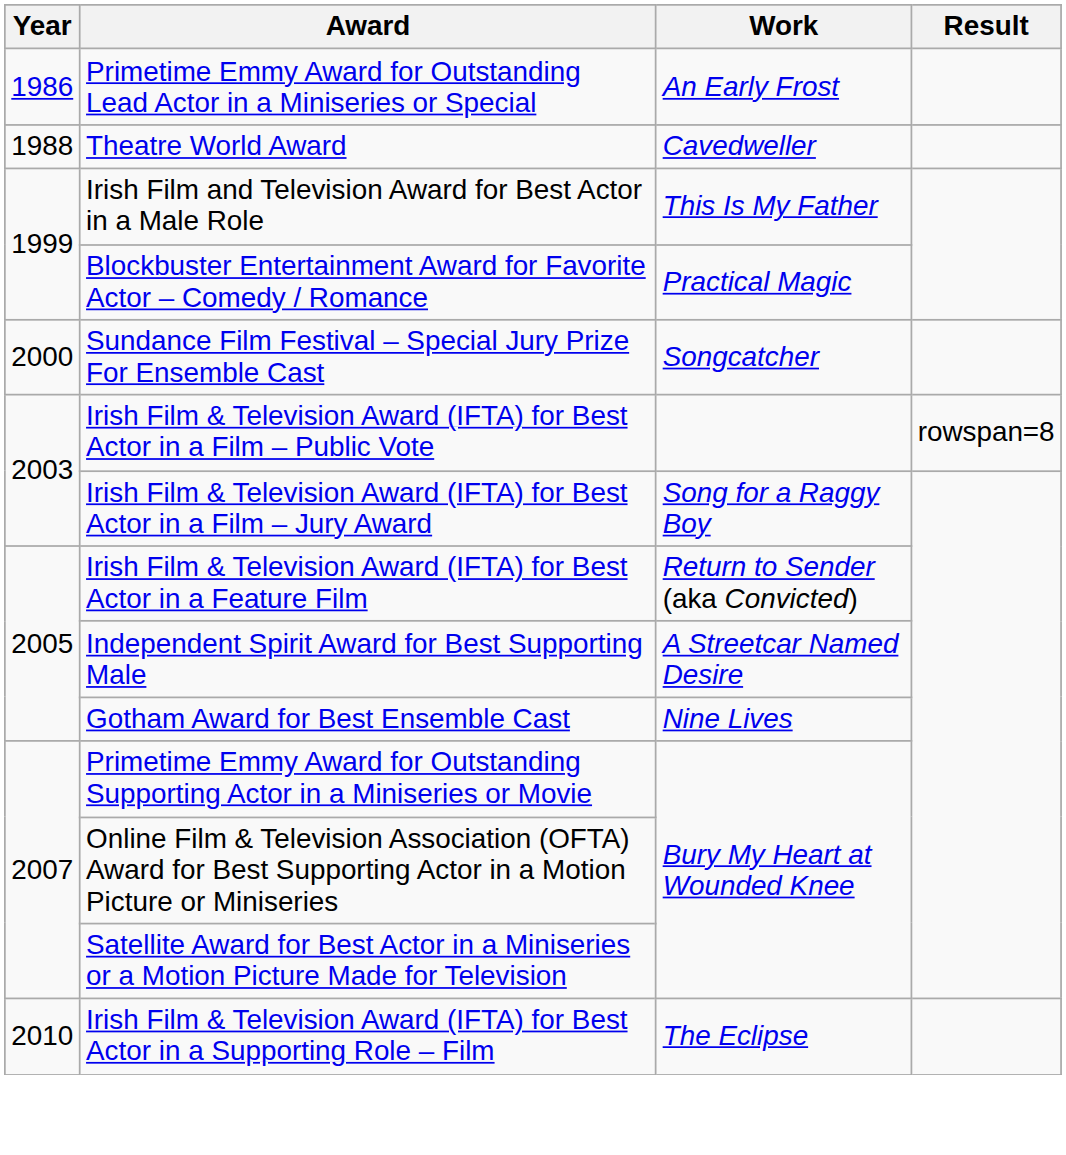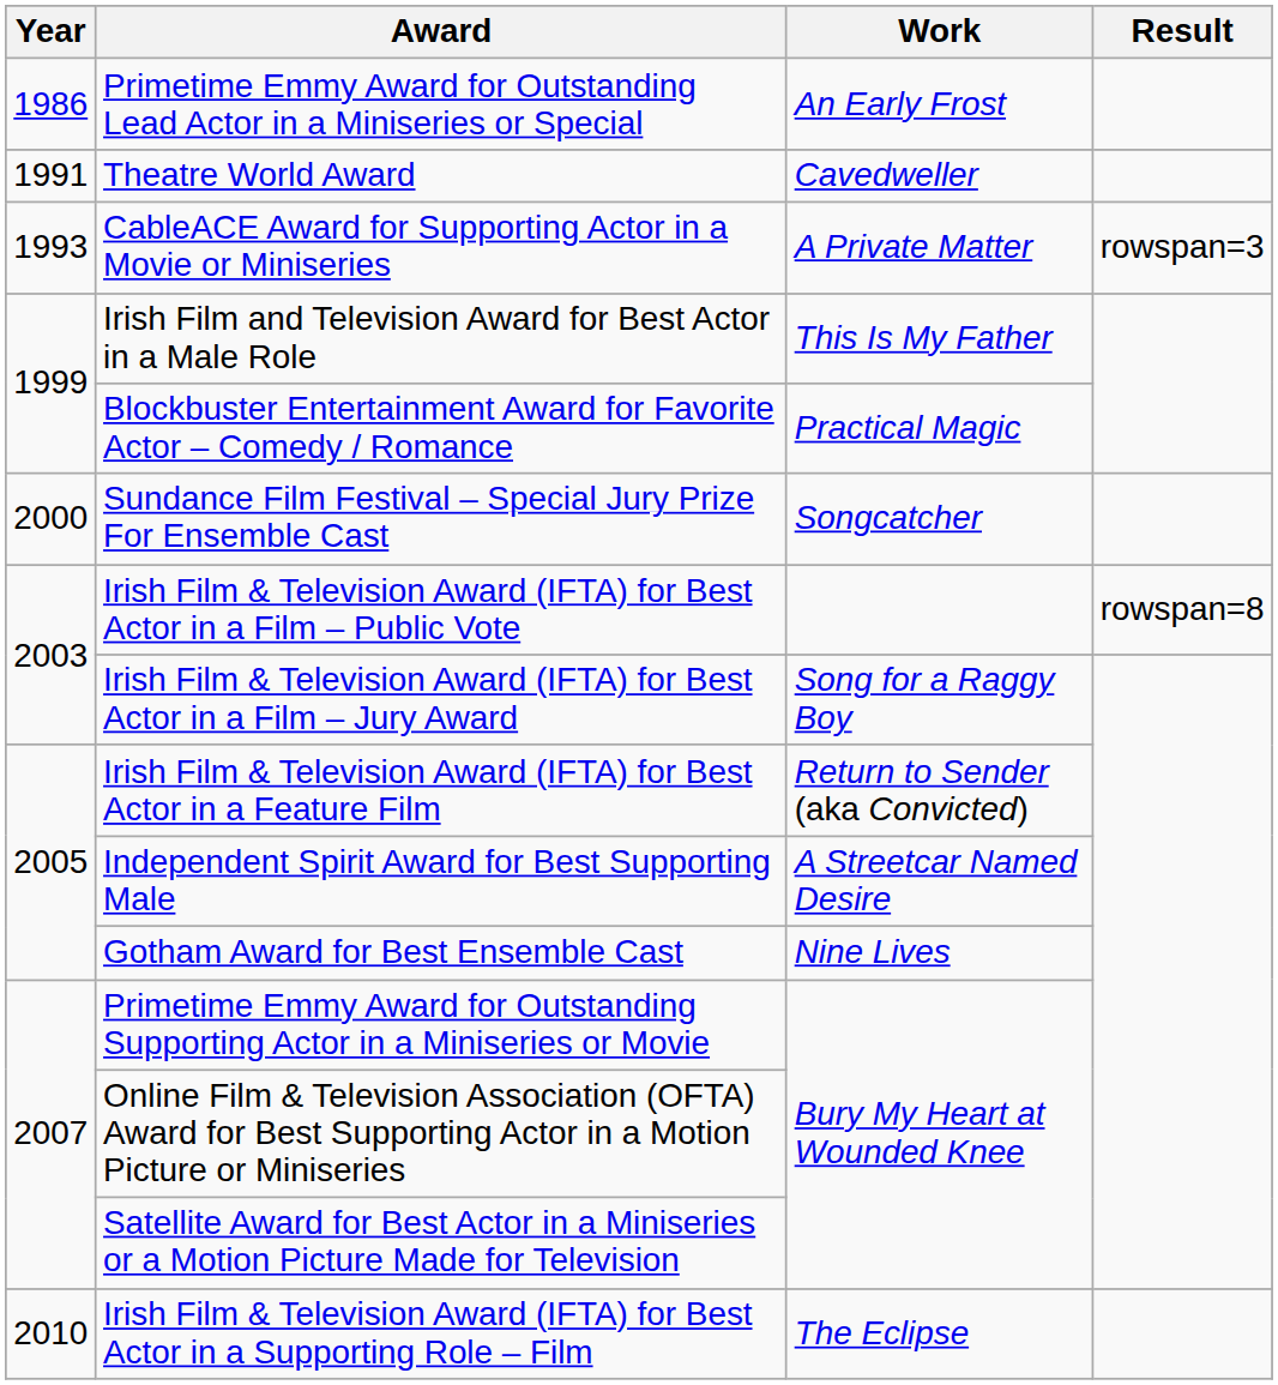 <table class="wikitable sortable">
 <tr>
 <th>Year</th>
 <th>Award</th>
 <th>Work</th>
 <th>Result</th>
 </tr>
 <tr>
 <td><a href='#'>1986</a></td>
 <td><a href='#'>Primetime Emmy Award for Outstanding Lead Actor in a Miniseries or Special</a></td>
 <td><em><a href='#'>An Early Frost</a></em></td>
 <td></td>
 </tr>
 <tr>
-<td>1988</td>
+<td>1991</td>
 <td><a href='#'>Theatre World Award</a></td>
 <td><em><a href='#'>Cavedweller</a></em></td>
 <td></td>
+</tr>
+<tr>
+<td>1993</td>
+<td><a href='#'>CableACE Award for Supporting Actor in a Movie or Miniseries</a></td>
+<td><em><a href='#'>A Private Matter</a></em></td>
+<td>rowspan=3 </td>
 </tr>
 <tr>
 <td rowspan=2>1999</td>
 <td>Irish Film and Television Award for Best Actor in a Male Role</td>
 <td><em><a href='#'>This Is My Father</a></em></td>
 </tr>
 <tr>
 <td><a href='#'>Blockbuster Entertainment Award for Favorite Actor – Comedy / Romance</a></td>
 <td><em><a href='#'>Practical Magic</a></em></td>
 </tr>
 <tr>
 <td>2000</td>
 <td><a href='#'>Sundance Film Festival – Special Jury Prize For Ensemble Cast</a> </td>
 <td><em><a href='#'>Songcatcher</a></em></td>
 <td></td>
 </tr>
 <tr>
 <td rowspan=2>2003</td>
 <td><a href='#'>Irish Film & Television Award (IFTA) for Best Actor in a Film – Public Vote</a></td>
 <td></td>
 <td>rowspan=8 </td>
 </tr>
 <tr>
 <td><a href='#'>Irish Film & Television Award (IFTA) for Best Actor in a Film – Jury Award</a></td>
 <td><em><a href='#'>Song for a Raggy Boy</a></em></td>
 </tr>
 <tr>
 <td rowspan=3>2005</td>
 <td><a href='#'>Irish Film & Television Award (IFTA) for Best Actor in a Feature Film</a></td>
 <td><em><a href='#'>Return to Sender</a></em> (aka <em>Convicted</em>)</td>
 </tr>
 <tr>
 <td><a href='#'>Independent Spirit Award for Best Supporting Male</a></td>
 <td><em><a href='#'>A Streetcar Named Desire</a></em></td>
 </tr>
 <tr>
 <td><a href='#'>Gotham Award for Best Ensemble Cast</a> </td>
 <td><em><a href='#'>Nine Lives</a></em></td>
 </tr>
 <tr>
 <td rowspan=3>2007</td>
 <td><a href='#'>Primetime Emmy Award for Outstanding Supporting Actor in a Miniseries or Movie</a></td>
 <td rowspan=3><em><a href='#'>Bury My Heart at Wounded Knee</a></em></td>
 </tr>
 <tr>
 <td>Online Film & Television Association (OFTA) Award for Best Supporting Actor in a Motion Picture or Miniseries</td>
 </tr>
 <tr>
 <td><a href='#'>Satellite Award for Best Actor in a Miniseries or a Motion Picture Made for Television</a></td>
 </tr>
 <tr>
 <td>2010</td>
 <td><a href='#'>Irish Film & Television Award (IFTA) for Best Actor in a Supporting Role – Film</a></td>
 <td><em><a href='#'>The Eclipse</a></em></td>
 <td></td>
 </tr>
 </table>
